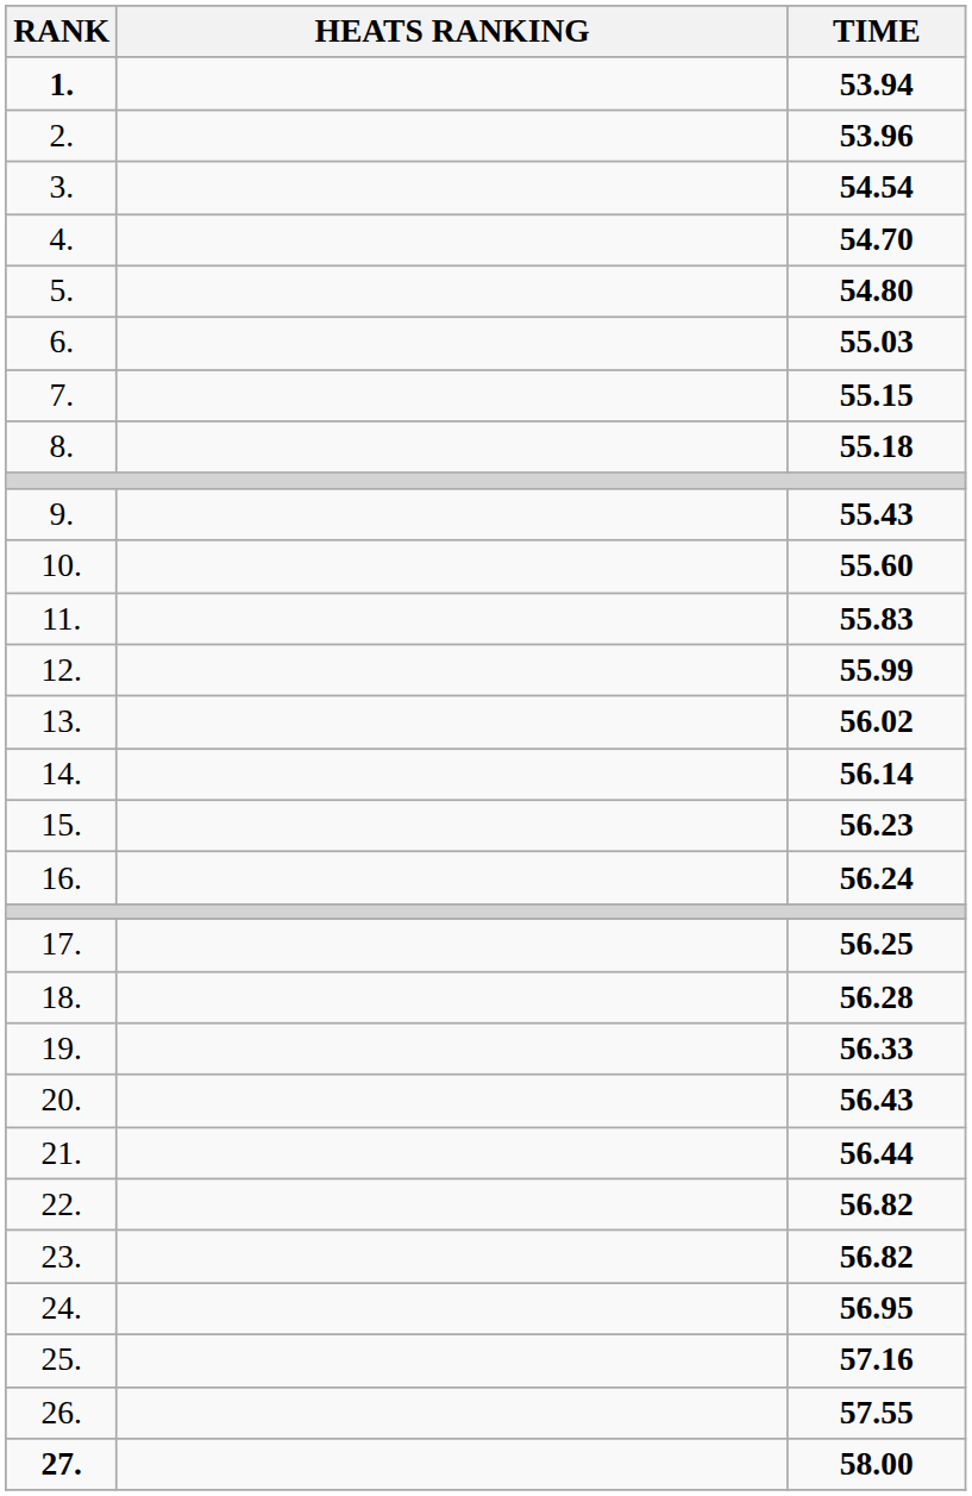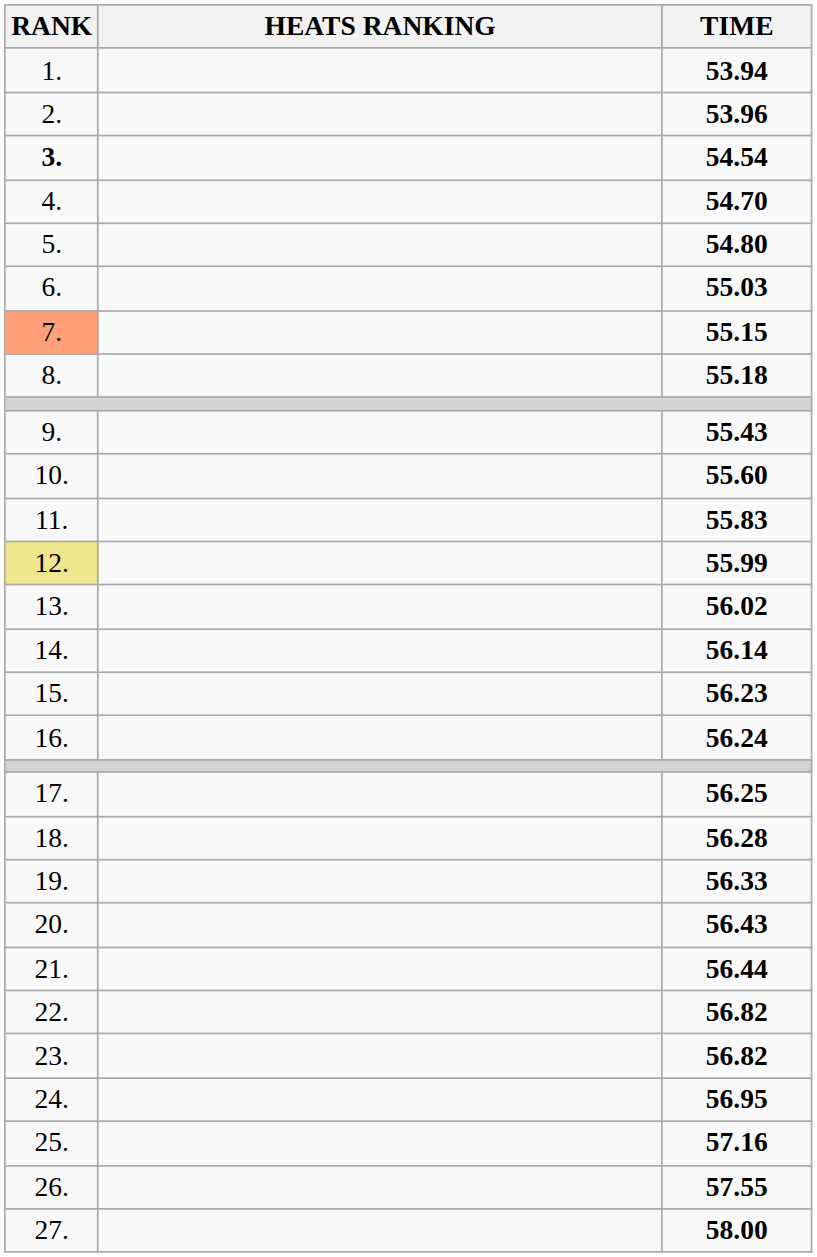 <table class="wikitable">
 <tr>
 <th>RANK</th>
 <th style="width: 20em">HEATS RANKING</th>
 <th style="width: 5em">TIME</th>
 </tr>
 <tr>
-<td align="center"><strong>1.</strong></td>
+<td align="center">1.</td>
 <td></td>
 <td align="center"><strong>53.94</strong></td>
 </tr>
 <tr>
 <td align="center">2.</td>
 <td></td>
 <td align="center"><strong>53.96</strong></td>
 </tr>
 <tr>
-<td align="center">3.</td>
+<td align="center"><strong>3.</strong></td>
 <td></td>
 <td align="center"><strong>54.54</strong></td>
 </tr>
 <tr>
 <td align="center">4.</td>
 <td></td>
 <td align="center"><strong>54.70</strong></td>
 </tr>
 <tr>
 <td align="center">5.</td>
 <td></td>
 <td align="center"><strong>54.80</strong></td>
 </tr>
 <tr>
 <td align="center">6.</td>
 <td></td>
 <td align="center"><strong>55.03</strong></td>
 </tr>
 <tr>
-<td align="center">7.</td>
+<td align="center" style="background: lightsalmon;">7.</td>
 <td></td>
 <td align="center"><strong>55.15</strong></td>
 </tr>
 <tr>
 <td align="center">8.</td>
 <td></td>
 <td align="center"><strong>55.18</strong></td>
 </tr>
 <tr>
 <td colspan=3 bgcolor=lightgray></td>
 </tr>
 <tr>
 <td align="center">9.</td>
 <td></td>
 <td align="center"><strong>55.43</strong></td>
 </tr>
 <tr>
 <td align="center">10.</td>
 <td></td>
 <td align="center"><strong>55.60</strong></td>
 </tr>
 <tr>
 <td align="center">11.</td>
 <td></td>
 <td align="center"><strong>55.83</strong></td>
 </tr>
 <tr>
-<td align="center">12.</td>
+<td align="center" style="background: khaki;">12.</td>
 <td></td>
 <td align="center"><strong>55.99</strong></td>
 </tr>
 <tr>
 <td align="center">13.</td>
 <td></td>
 <td align="center"><strong>56.02</strong></td>
 </tr>
 <tr>
 <td align="center">14.</td>
 <td></td>
 <td align="center"><strong>56.14</strong></td>
 </tr>
 <tr>
 <td align="center">15.</td>
 <td></td>
 <td align="center"><strong>56.23</strong></td>
 </tr>
 <tr>
 <td align="center">16.</td>
 <td></td>
 <td align="center"><strong>56.24</strong></td>
 </tr>
 <tr>
 <td colspan=3 bgcolor=lightgray></td>
 </tr>
 <tr>
 <td align="center">17.</td>
 <td></td>
 <td align="center"><strong>56.25</strong></td>
 </tr>
 <tr>
 <td align="center">18.</td>
 <td></td>
 <td align="center"><strong>56.28</strong></td>
 </tr>
 <tr>
 <td align="center">19.</td>
 <td></td>
 <td align="center"><strong>56.33</strong></td>
 </tr>
 <tr>
 <td align="center">20.</td>
 <td></td>
 <td align="center"><strong>56.43</strong></td>
 </tr>
 <tr>
 <td align="center">21.</td>
 <td></td>
 <td align="center"><strong>56.44</strong></td>
 </tr>
 <tr>
 <td align="center">22.</td>
 <td></td>
 <td align="center"><strong>56.82</strong></td>
 </tr>
 <tr>
 <td align="center">23.</td>
 <td></td>
 <td align="center"><strong>56.82</strong></td>
 </tr>
 <tr>
 <td align="center">24.</td>
 <td></td>
 <td align="center"><strong>56.95</strong></td>
 </tr>
 <tr>
 <td align="center">25.</td>
 <td></td>
 <td align="center"><strong>57.16</strong></td>
 </tr>
 <tr>
 <td align="center">26.</td>
 <td></td>
 <td align="center"><strong>57.55</strong></td>
 </tr>
 <tr>
-<td align="center"><strong>27.</strong></td>
+<td align="center">27.</td>
 <td></td>
 <td align="center"><strong>58.00</strong></td>
 </tr>
 </table>
